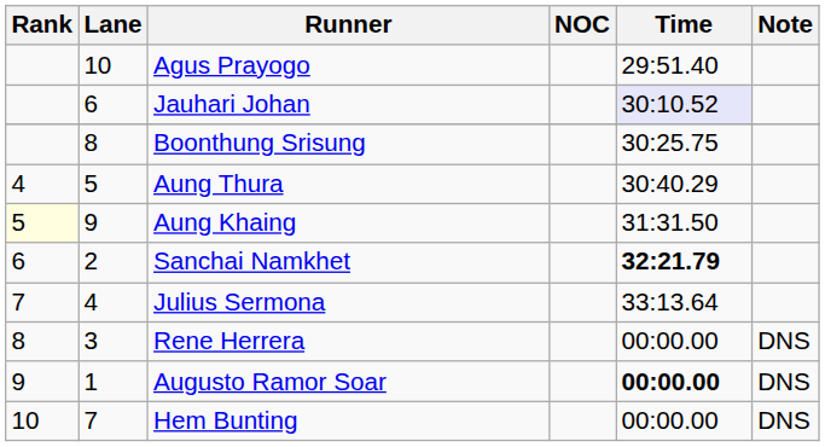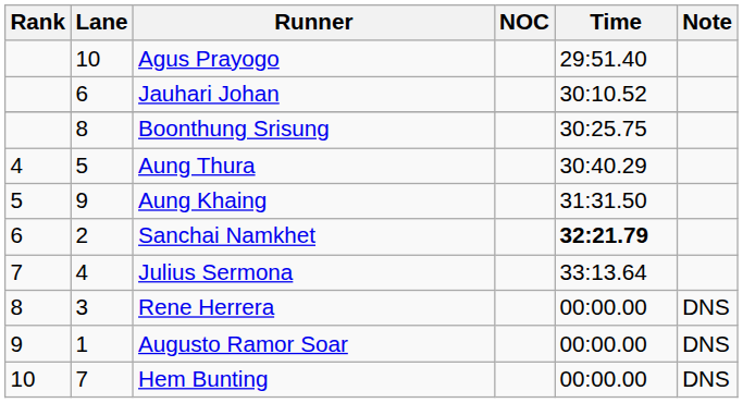 <table class="wikitable sortable" style="text-align:Left">
 <tr>
 <th width=10>Rank</th>
 <th width=10>Lane</th>
 <th width=250>Runner</th>
 <th width=10>NOC</th>
 <th width=80>Time</th>
 <th width=10>Note</th>
 </tr>
 <tr>
 <td></td>
 <td>10</td>
 <td><a href='#'>Agus Prayogo</a></td>
 <td></td>
 <td>29:51.40</td>
 <td></td>
 </tr>
 <tr>
 <td></td>
 <td>6</td>
 <td><a href='#'>Jauhari Johan</a></td>
 <td></td>
-<td style="background: lavender;">30:10.52</td>
+<td>30:10.52</td>
 <td></td>
 </tr>
 <tr>
 </tr>
 <tr>
 <td></td>
 <td>8</td>
 <td><a href='#'>Boonthung Srisung</a></td>
 <td></td>
 <td>30:25.75</td>
 <td></td>
 </tr>
 <tr>
 <td>4</td>
 <td>5</td>
 <td><a href='#'>Aung Thura</a></td>
 <td></td>
 <td>30:40.29</td>
 <td></td>
 </tr>
 <tr>
-<td style="background: lightyellow;">5</td>
+<td>5</td>
 <td>9</td>
 <td><a href='#'>Aung Khaing</a></td>
 <td></td>
 <td>31:31.50</td>
 <td></td>
 </tr>
 <tr>
 <td>6</td>
 <td>2</td>
 <td><a href='#'>Sanchai Namkhet</a></td>
 <td></td>
 <td><strong>32:21.79</strong></td>
 <td></td>
 </tr>
 <tr>
 <td>7</td>
 <td>4</td>
 <td><a href='#'>Julius Sermona</a></td>
 <td></td>
 <td>33:13.64</td>
 <td></td>
 </tr>
 <tr>
 <td>8</td>
 <td>3</td>
 <td><a href='#'>Rene Herrera</a></td>
 <td></td>
 <td>00:00.00</td>
 <td>DNS</td>
 </tr>
 <tr>
 <td>9</td>
 <td>1</td>
 <td><a href='#'>Augusto Ramor Soar</a></td>
 <td></td>
-<td><strong>00:00.00</strong></td>
+<td>00:00.00</td>
 <td>DNS</td>
 </tr>
 <tr>
 <td>10</td>
 <td>7</td>
 <td><a href='#'>Hem Bunting</a></td>
 <td></td>
 <td>00:00.00</td>
 <td>DNS</td>
 </tr>
 </table>
